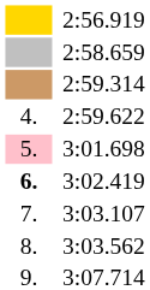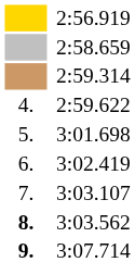 <table style="text-align:center">
 <tr>
 <td width=30 bgcolor=gold></td>
 <td align=left></td>
 <td>2:56.919</td>
 </tr>
 <tr>
 <td bgcolor=silver></td>
 <td align=left></td>
 <td>2:58.659</td>
 </tr>
 <tr>
 <td bgcolor=cc9966></td>
 <td align=left></td>
 <td>2:59.314</td>
 </tr>
 <tr>
 <td>4.</td>
 <td align=left></td>
 <td>2:59.622</td>
 </tr>
 <tr>
-<td style="background: pink;">5.</td>
+<td>5.</td>
 <td align=left></td>
 <td>3:01.698</td>
 </tr>
 <tr>
-<td><strong>6.</strong></td>
+<td>6.</td>
 <td align=left></td>
 <td>3:02.419</td>
 </tr>
 <tr>
 <td>7.</td>
 <td align=left></td>
 <td>3:03.107</td>
 </tr>
 <tr>
-<td>8.</td>
+<td><strong>8.</strong></td>
 <td align=left></td>
 <td>3:03.562</td>
 </tr>
 <tr>
-<td>9.</td>
+<td><strong>9.</strong></td>
 <td align=left></td>
 <td>3:07.714</td>
 </tr>
 </table>
